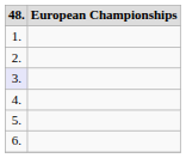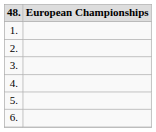 <table class="wikitable">
 <tr bgcolor="#dddddd">
 <td><strong>48.</strong></td>
 <td><strong>European Championships</strong></td>
 </tr>
 <tr align=center>
 <td>1.</td>
 <td align=left></td>
 </tr>
 <tr align=center>
 <td>2.</td>
 <td align=left></td>
 </tr>
 <tr align=center>
-<td style="background: lavender;">3.</td>
+<td>3.</td>
 <td align=left></td>
 </tr>
 <tr align=center>
 <td>4.</td>
 <td align=left></td>
 </tr>
 <tr align=center>
 <td>5.</td>
 <td align=left></td>
 </tr>
 <tr align=center>
 <td>6.</td>
 <td align=left></td>
 </tr>
 <tr>
 </tr>
 </table>
